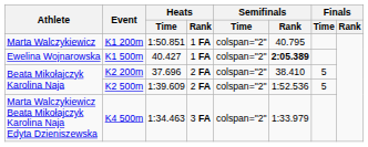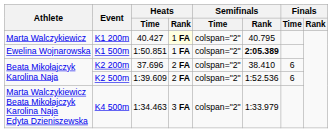 <table class=wikitable style="font-size:90%">
 <tr>
 <th rowspan="2">Athlete</th>
 <th rowspan="2">Event</th>
 <th colspan=2>Heats</th>
 <th colspan=2>Semifinals</th>
 <th colspan=2>Finals</th>
 </tr>
 <tr style="font-size:95%">
 <th>Time</th>
 <th>Rank</th>
 <th>Time</th>
 <th>Rank</th>
 <th>Time</th>
 <th>Rank</th>
 </tr>
 <tr align=center>
 <td align=left><a href='#'>Marta Walczykiewicz</a></td>
 <td align=left><a href='#'>K1 200m</a></td>
-<td>1:50.851</td>
-<td>1 <strong>FA</strong></td>
+<td>40.427</td>
+<td style="background: lightyellow;">1 <strong>FA</strong></td>
 <td>colspan="2" </td>
 <td>40.795</td>
 <td></td>
 </tr>
 <tr align=center>
 <td align=left><a href='#'>Ewelina Wojnarowska</a></td>
 <td align=left><a href='#'>K1 500m</a></td>
-<td>40.427</td>
+<td>1:50.851</td>
 <td>1 <strong>FA</strong></td>
 <td>colspan="2" </td>
 <td><strong>2:05.389</strong></td>
 <td></td>
 </tr>
 <tr align=center>
 <td align=left rowspan=2><a href='#'>Beata Mikołajczyk</a><br><a href='#'>Karolina Naja</a></td>
 <td align=left><a href='#'>K2 200m</a></td>
 <td>37.696</td>
 <td>2 <strong>FA</strong></td>
 <td>colspan="2" </td>
 <td>38.410</td>
-<td>5</td>
+<td>6</td>
 </tr>
 <tr align=center>
 <td align=left><a href='#'>K2 500m</a></td>
 <td>1:39.609</td>
 <td>2 <strong>FA</strong></td>
 <td>colspan="2" </td>
 <td>1:52.536</td>
-<td>5</td>
+<td>6</td>
 </tr>
 <tr align=center>
 <td align=left><a href='#'>Marta Walczykiewicz</a><br><a href='#'>Beata Mikołajczyk</a><br><a href='#'>Karolina Naja</a><br><a href='#'>Edyta Dzieniszewska</a></td>
 <td align=left><a href='#'>K4 500m</a></td>
 <td>1:34.463</td>
 <td>3 <strong>FA</strong></td>
 <td>colspan="2" </td>
 <td>1:33.979</td>
 <td></td>
 </tr>
 </table>
